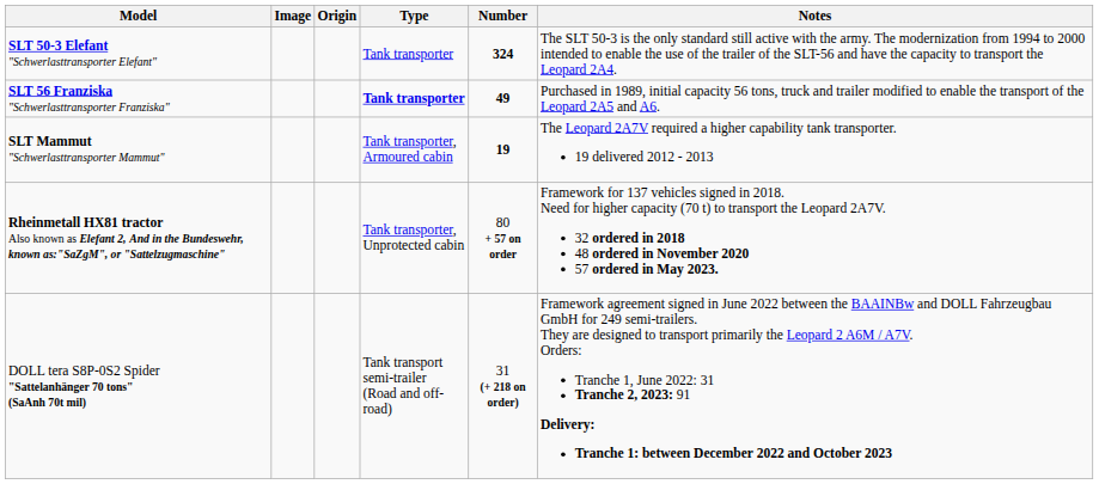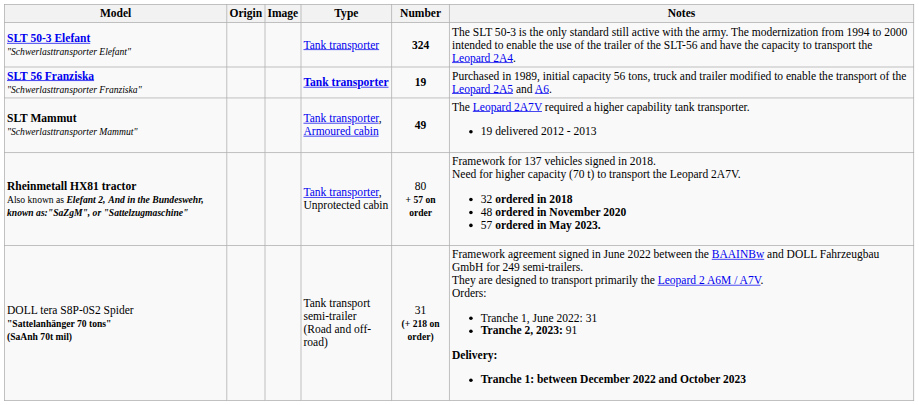 <table class="wikitable" style="width:100%;">
 <tr>
 <th>Model</th>
+<th>Origin</th>
 <th>Image</th>
-<th>Origin</th>
 <th>Type</th>
 <th>Number</th>
 <th>Notes</th>
 </tr>
 <tr>
 <td><a href='#'><strong>SLT 50-3 Elefant</strong></a><br><small><em>"Schwerlasttransporter Elefant"</em></small></td>
+<td><small></small></td>
 <td></td>
-<td><small></small></td>
 <td><a href='#'>Tank transporter</a></td>
 <td style="text-align: center;"><strong>324</strong></td>
 <td>The SLT 50-3 is the only standard still active with the army. The modernization from 1994 to 2000 intended to enable the use of the trailer of the SLT-56 and have the capacity to transport the <a href='#'>Leopard 2A4</a>.</td>
 </tr>
 <tr>
 <td><strong><a href='#'>SLT 56 Franziska</a></strong><br><small><em>"Schwerlasttransporter Franziska"</em></small></td>
+<td><small></small></td>
 <td></td>
-<td><small></small></td>
 <td><strong><a href='#'>Tank transporter</a></strong></td>
-<td style="text-align: center;"><strong>49</strong></td>
+<td style="text-align: center;"><strong>19</strong></td>
 <td>Purchased in 1989, initial capacity 56 tons, truck and trailer modified to enable the transport of the <a href='#'>Leopard 2A5</a> and <a href='#'>A6</a>.</td>
 </tr>
 <tr>
 <td><strong>SLT Mammut</strong><br><small><em>"Schwerlasttransporter Mammut"</em></small></td>
+<td><small></small></td>
 <td></td>
-<td><small></small></td>
 <td><a href='#'>Tank transporter</a>,<br><a href='#'>Armoured cabin</a></td>
-<td style="text-align: center;"><strong>19</strong></td>
+<td style="text-align: center;"><strong>49</strong></td>
 <td>The <a href='#'>Leopard 2A7V</a> required a higher capability tank transporter.<br><ul><li>19 delivered 2012 - 2013</li></ul></td>
 </tr>
 <tr>
 <td><strong>Rheinmetall HX81 tractor</strong><br><small>Also known as <strong><em>Elefant 2<strong>,<em></small>  <small>And in the Bundeswehr, known as:</em>"SaZgM", or "Sattelzugmaschine"<em></small></td>
+<td><small></small></td>
 <td></td>
-<td><small></small></td>
 <td><a href='#'>Tank transporter</a>,<br>Unprotected cabin</td>
 <td style="text-align: center;"></strong>80<strong><br><small>+ 57 on order</small></td>
 <td>Framework for 137 vehicles signed in 2018.<br>Need for higher capacity (70 t) to transport the Leopard 2A7V.<ul><li></strong>32<strong> ordered in 2018</li><li></strong>48<strong> ordered in November 2020</li><li></strong>57<strong> ordered in May 2023.</li></ul></td>
 </tr>
 <tr>
 <td></strong>DOLL tera S8P-0S2 Spider<strong><br><small></em>"Sattelanhänger 70 tons"<em></small><br><small></em>(SaAnh 70t mil)<em></small></td>
+<td><small></small></td>
 <td></td>
-<td><small></small></td>
 <td>Tank transport semi-trailer<br>(Road and off-road)</td>
 <td style="text-align: center;"></strong>31<strong><br><small>(+ 218 on order)</small></td>
 <td>Framework agreement signed in June 2022 between the <a href='#'>BAAINBw</a> and DOLL Fahrzeugbau GmbH for 249 semi-trailers.<br>They are designed to transport primarily the <a href='#'>Leopard 2 A6M / A7V</a>.<br>Orders:<ul><li>Tranche 1, June 2022: </strong>31<strong></li><li>Tranche 2, 2023: </strong>91<strong></li></ul>Delivery:<ul><li>Tranche 1: between December 2022 and October 2023</li></ul></td>
 </tr>
 </table>
